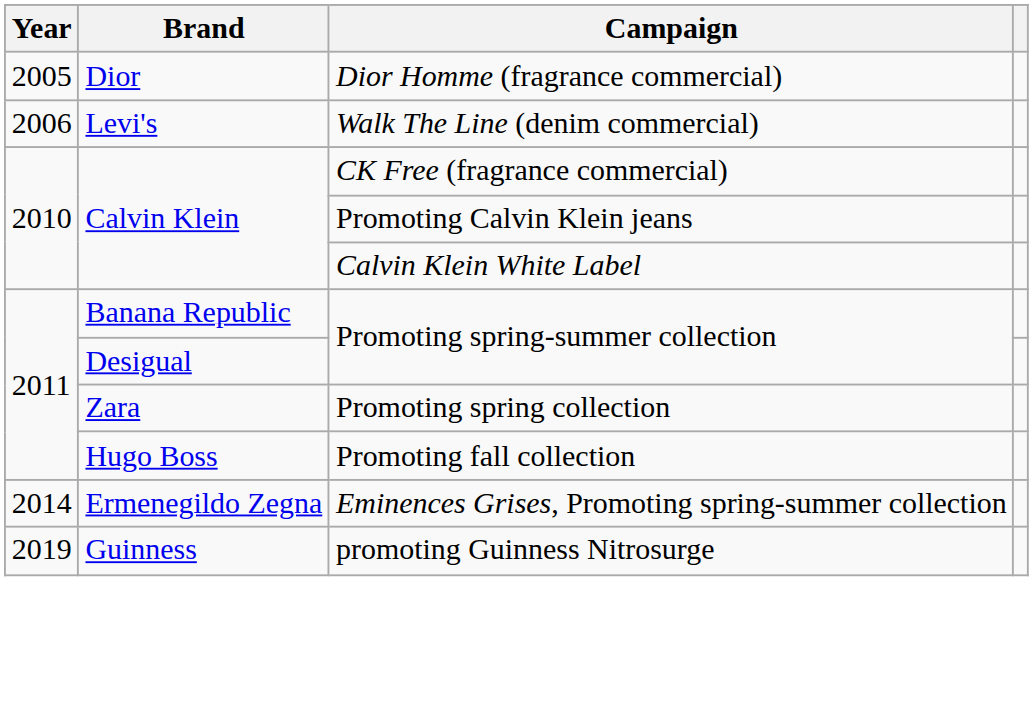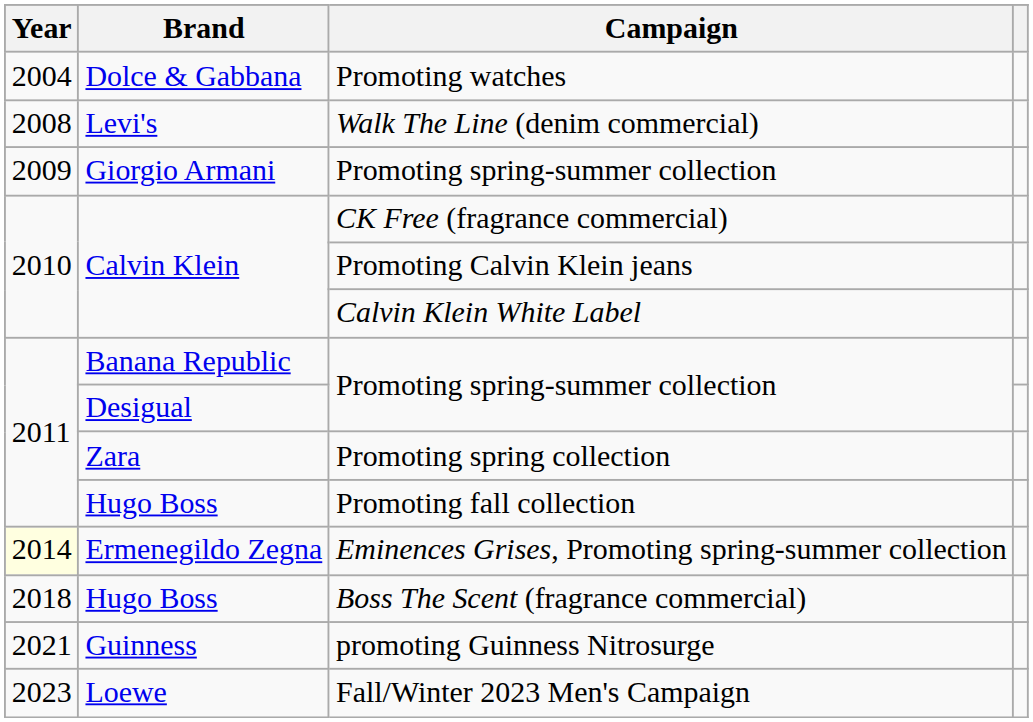 <table class="wikitable plainrowheaders unsortable">
 <tr>
 <th scope="col">Year</th>
 <th scope="col">Brand</th>
 <th scope="col">Campaign</th>
 <th scope="col" class="unsortable"></th>
 </tr>
 <tr>
-<td>2005</td>
-<td><a href='#'>Dior</a></td>
-<td><em>Dior Homme</em> (fragrance commercial)</td>
+<td>2004</td>
+<td><a href='#'>Dolce & Gabbana</a></td>
+<td>Promoting watches</td>
 <td></td>
 </tr>
 <tr>
-<td>2006</td>
+<td>2008</td>
 <td><a href='#'>Levi's</a></td>
 <td><em>Walk The Line</em> (denim commercial)</td>
+<td></td>
+</tr>
+<tr>
+<td>2009</td>
+<td><a href='#'>Giorgio Armani</a></td>
+<td>Promoting spring-summer collection</td>
 <td></td>
 </tr>
 <tr>
 <td rowspan="3">2010</td>
 <td rowspan="3"><a href='#'>Calvin Klein</a></td>
 <td><em>CK Free</em> (fragrance commercial)</td>
 <td></td>
 </tr>
 <tr>
 <td>Promoting Calvin Klein jeans</td>
 <td></td>
 </tr>
 <tr>
 <td><em>Calvin Klein White Label</em></td>
 <td></td>
 </tr>
 <tr>
 <td rowspan="4">2011</td>
 <td><a href='#'>Banana Republic</a></td>
 <td rowspan="2">Promoting spring-summer collection</td>
 <td></td>
 </tr>
 <tr>
 <td><a href='#'>Desigual</a></td>
 <td></td>
 </tr>
 <tr>
 <td><a href='#'>Zara</a></td>
 <td>Promoting spring collection</td>
 <td></td>
 </tr>
 <tr>
 <td><a href='#'>Hugo Boss</a></td>
 <td>Promoting fall collection</td>
 <td></td>
 </tr>
 <tr>
-<td>2014</td>
+<td style="background: lightyellow;">2014</td>
 <td><a href='#'>Ermenegildo Zegna</a></td>
 <td><em>Eminences Grises</em>, Promoting spring-summer collection</td>
 <td></td>
 </tr>
 <tr>
-<td>2019</td>
+<td>2018</td>
+<td><a href='#'>Hugo Boss</a></td>
+<td><em>Boss The Scent</em> (fragrance commercial)</td>
+<td></td>
+</tr>
+<tr>
+<td>2021</td>
 <td><a href='#'>Guinness</a></td>
 <td>promoting Guinness Nitrosurge</td>
 <td></td>
 </tr>
+<tr>
+<td>2023</td>
+<td><a href='#'>Loewe</a></td>
+<td>Fall/Winter 2023 Men's Campaign</td>
+<td></td>
+</tr>
 </table>
